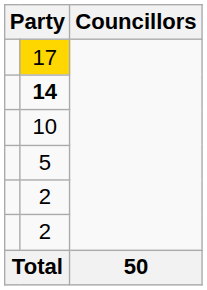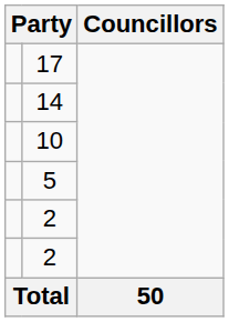 <table class="wikitable">
 <tr>
 <th colspan=2>Party</th>
 <th>Councillors</th>
 </tr>
 <tr>
 <td></td>
-<td align=center style="background: gold;">17</td>
+<td align=center>17</td>
 </tr>
 <tr>
 <td></td>
-<td align=center><strong>14</strong></td>
+<td align=center>14</td>
 </tr>
 <tr>
 <td></td>
 <td align=center>10</td>
 </tr>
 <tr>
 <td></td>
 <td align=center>5</td>
 </tr>
 <tr>
 <td></td>
 <td align=center>2</td>
 </tr>
 <tr>
 <td></td>
 <td align=center>2</td>
 </tr>
 <tr>
 <th colspan=2>Total</th>
 <th align=center>50</th>
 </tr>
 </table>
